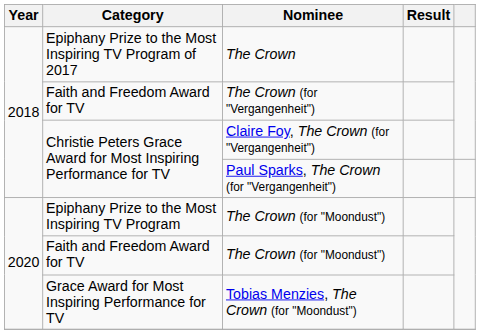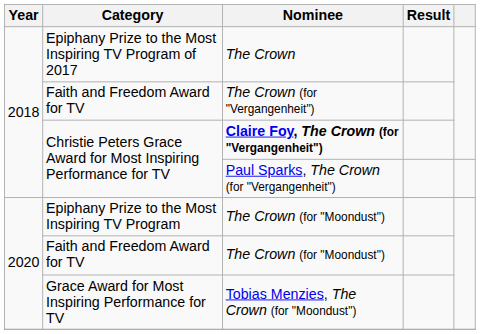 <table class="wikitable" style="width:85%;">
 <tr>
 <th width=5%>Year</th>
 <th style="width:40%;">Category</th>
 <th style="width:40%;">Nominee</th>
 <th style="width:10%;">Result</th>
 <th width=5%></th>
 </tr>
 <tr>
 <td vstyle="text-align: center;"rowspan="4">2018</td>
 <td>Epiphany Prize to the Most Inspiring TV Program of 2017</td>
 <td><em>The Crown</em></td>
 <td></td>
 <td rowspan="3"></td>
 </tr>
 <tr>
 <td>Faith and Freedom Award for TV</td>
 <td><em>The Crown</em> <small> (for "Vergangenheit")</small></td>
 <td></td>
 </tr>
 <tr>
 <td rowspan="2">Christie Peters Grace Award for Most Inspiring Performance for TV</td>
-<td><a href='#'>Claire Foy</a>, <em>The Crown</em> <small> (for "Vergangenheit")</small></td>
+<td><strong><a href='#'>Claire Foy</a>, <em>The Crown</em> <small> (for "Vergangenheit")</small></strong></td>
 <td></td>
 </tr>
 <tr>
 <td><a href='#'>Paul Sparks</a>, <em>The Crown</em> <small> (for "Vergangenheit")</small></td>
 <td></td>
 <td rowspan="1"></td>
 </tr>
 <tr>
 <td vstyle="text-align: center;"rowspan="3">2020</td>
 <td>Epiphany Prize to the Most Inspiring TV Program</td>
 <td><em>The Crown</em> <small> (for "Moondust")</small></td>
 <td></td>
 <td rowspan="3"></td>
 </tr>
 <tr>
 <td>Faith and Freedom Award for TV</td>
 <td><em>The Crown</em> <small> (for "Moondust")</small></td>
 <td></td>
 </tr>
 <tr>
 <td>Grace Award for Most Inspiring Performance for TV</td>
 <td><a href='#'>Tobias Menzies</a>, <em>The Crown</em> <small> (for "Moondust")</small></td>
 <td></td>
 </tr>
 <tr>
 </tr>
 </table>
